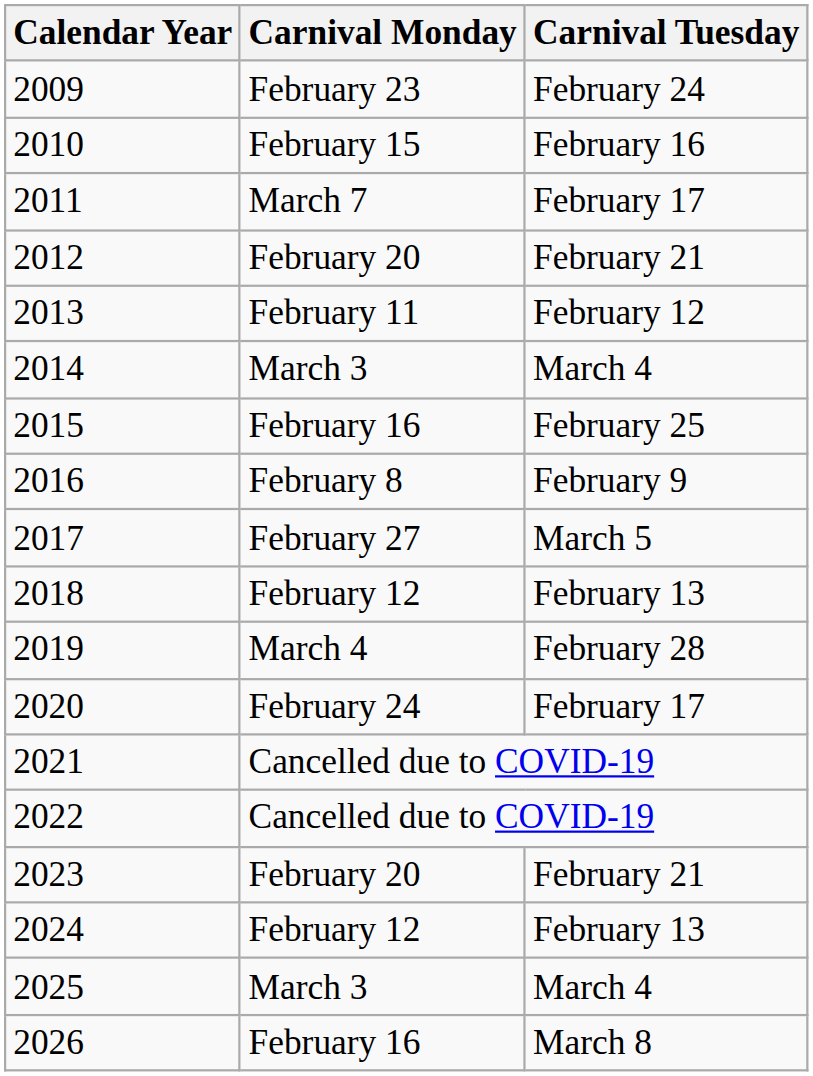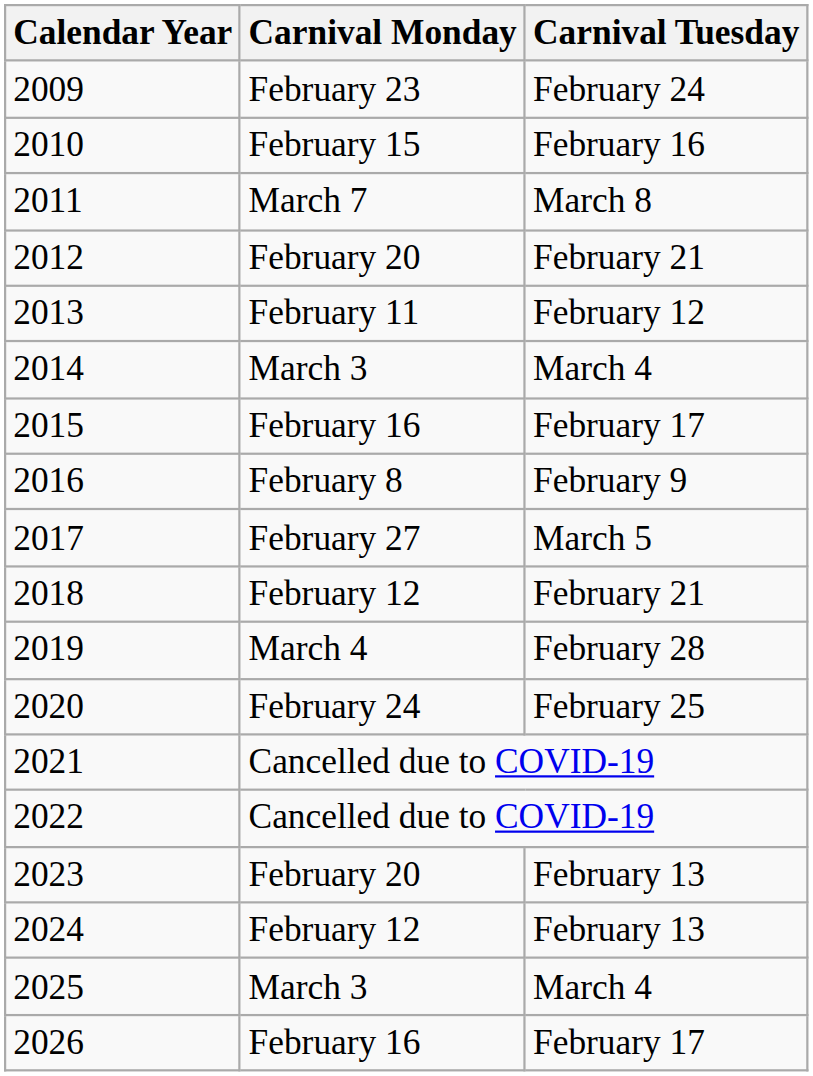 <table class="wikitable" align="center">
 <tr style="text-align:center">
 <th>Calendar Year</th>
 <th>Carnival Monday</th>
 <th>Carnival Tuesday</th>
 </tr>
 <tr>
 <td>2009</td>
 <td>February 23</td>
 <td>February 24</td>
 </tr>
 <tr>
 <td>2010</td>
 <td>February 15</td>
 <td>February 16</td>
 </tr>
 <tr>
 <td>2011</td>
 <td>March 7</td>
-<td>February 17</td>
+<td>March 8</td>
 </tr>
 <tr>
 <td>2012</td>
 <td>February 20</td>
 <td>February 21</td>
 </tr>
 <tr>
 <td>2013</td>
 <td>February 11</td>
 <td>February 12</td>
 </tr>
 <tr>
 <td>2014</td>
 <td>March 3</td>
 <td>March 4</td>
 </tr>
 <tr>
 <td>2015</td>
 <td>February 16</td>
-<td>February 25</td>
+<td>February 17</td>
 </tr>
 <tr>
 <td>2016</td>
 <td>February 8</td>
 <td>February 9</td>
 </tr>
 <tr>
 <td>2017</td>
 <td>February 27</td>
 <td>March 5</td>
 </tr>
 <tr>
 <td>2018</td>
 <td>February 12</td>
-<td>February 13</td>
+<td>February 21</td>
 </tr>
 <tr>
 <td>2019</td>
 <td>March 4</td>
 <td>February 28</td>
 </tr>
 <tr>
 <td>2020</td>
 <td>February 24</td>
-<td>February 17</td>
+<td>February 25</td>
 </tr>
 <tr>
 <td>2021</td>
 <td colspan=2>Cancelled due to <a href='#'>COVID-19</a></td>
 </tr>
 <tr>
 <td>2022</td>
 <td colspan="2">Cancelled due to <a href='#'>COVID-19</a></td>
 </tr>
 <tr>
 <td>2023</td>
 <td>February 20</td>
-<td>February 21</td>
+<td>February 13</td>
 </tr>
 <tr>
 <td>2024</td>
 <td>February 12</td>
 <td>February 13</td>
 </tr>
 <tr>
 <td>2025</td>
 <td>March 3</td>
 <td>March 4</td>
 </tr>
 <tr>
 <td>2026</td>
 <td>February 16</td>
-<td>March 8</td>
+<td>February 17</td>
 </tr>
 </table>
